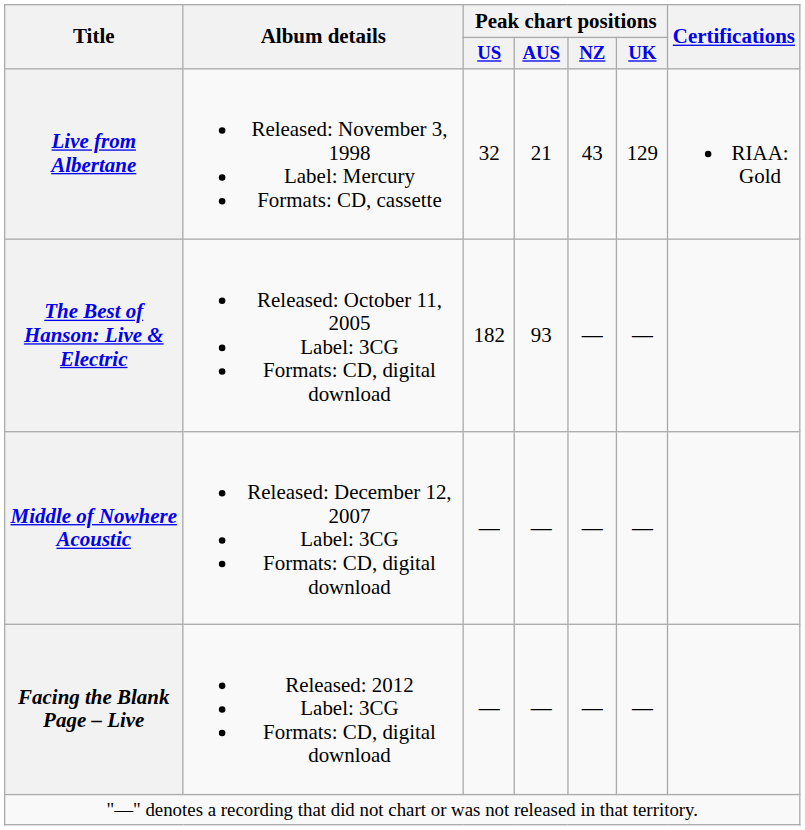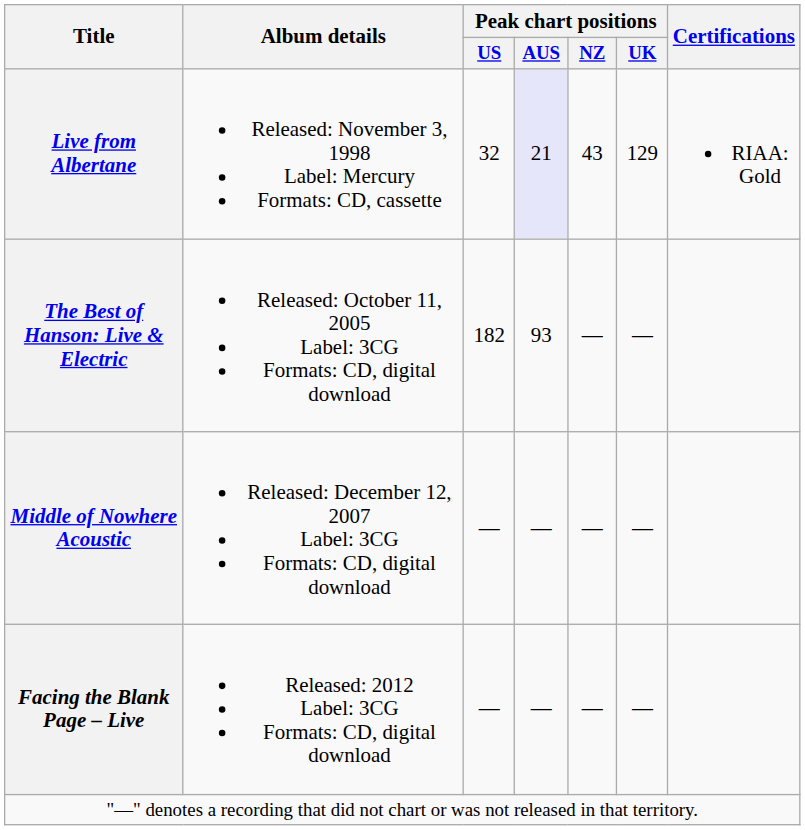 <table class="wikitable plainrowheaders" style="text-align:center;" border="1">
 <tr>
 <th scope="col" rowspan="2" style="width:10em;">Title</th>
 <th scope="col" rowspan="2" style="width:16em;">Album details</th>
 <th scope="col" colspan="4">Peak chart positions</th>
 <th scope="col" rowspan="2"><a href='#'>Certifications</a></th>
 </tr>
 <tr>
 <th scope="col" style="width:2.5em;font-size:90%;"><a href='#'>US</a><br></th>
 <th scope="col" style="width:2.5em;font-size:90%;"><a href='#'>AUS</a><br></th>
 <th scope="col" style="width:2.5em;font-size:90%;"><a href='#'>NZ</a><br></th>
 <th scope="col" style="width:2.5em;font-size:90%;"><a href='#'>UK</a><br></th>
 </tr>
 <tr>
 <th scope="row"><em><a href='#'>Live from Albertane</a></em></th>
 <td><br><ul><li>Released: November 3, 1998</li><li>Label: Mercury</li><li>Formats: CD, cassette</li></ul></td>
 <td>32</td>
-<td>21</td>
+<td style="background: lavender;">21</td>
 <td>43</td>
 <td>129</td>
 <td><br><ul><li>RIAA: Gold</li></ul></td>
 </tr>
 <tr>
 <th scope="row"><em><a href='#'>The Best of Hanson: Live & Electric</a></em></th>
 <td><br><ul><li>Released: October 11, 2005</li><li>Label: 3CG</li><li>Formats: CD, digital download</li></ul></td>
 <td>182</td>
 <td>93</td>
 <td>—</td>
 <td>—</td>
 <td></td>
 </tr>
 <tr>
 <th scope="row"><em><a href='#'>Middle of Nowhere Acoustic</a></em></th>
 <td><br><ul><li>Released: December 12, 2007</li><li>Label: 3CG</li><li>Formats: CD, digital download</li></ul></td>
 <td>—</td>
 <td>—</td>
 <td>—</td>
 <td>—</td>
 <td></td>
 </tr>
 <tr>
 <th scope="row"><em>Facing the Blank Page – Live</em></th>
 <td><br><ul><li>Released: 2012</li><li>Label: 3CG</li><li>Formats: CD, digital download</li></ul></td>
 <td>—</td>
 <td>—</td>
 <td>—</td>
 <td>—</td>
 <td></td>
 </tr>
 <tr>
 <td colspan="14" style="font-size:90%">"—" denotes a recording that did not chart or was not released in that territory.</td>
 </tr>
 </table>
